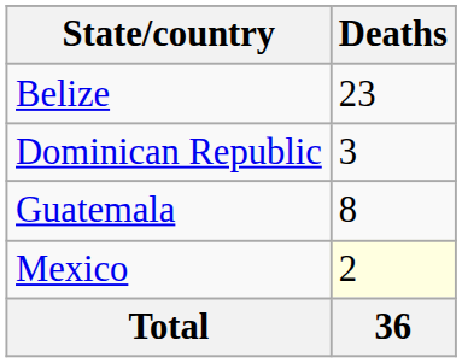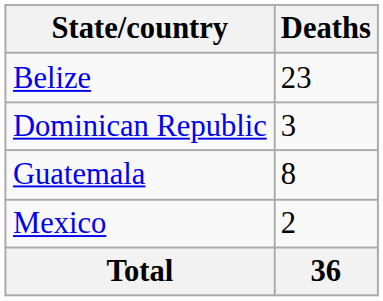 <table class="wikitable" style="float:right;margin:0 0 1em 1em;">
 <tr>
 <th>State/country</th>
 <th>Deaths</th>
 </tr>
 <tr>
 <td><a href='#'>Belize</a></td>
 <td>23</td>
 </tr>
 <tr>
 <td><a href='#'>Dominican Republic</a></td>
 <td>3</td>
 </tr>
 <tr>
 <td><a href='#'>Guatemala</a></td>
 <td>8</td>
 </tr>
 <tr>
 <td><a href='#'>Mexico</a></td>
-<td style="background: lightyellow;">2</td>
+<td>2</td>
 </tr>
 <tr>
 <th>Total</th>
 <th>36</th>
 </tr>
 </table>
